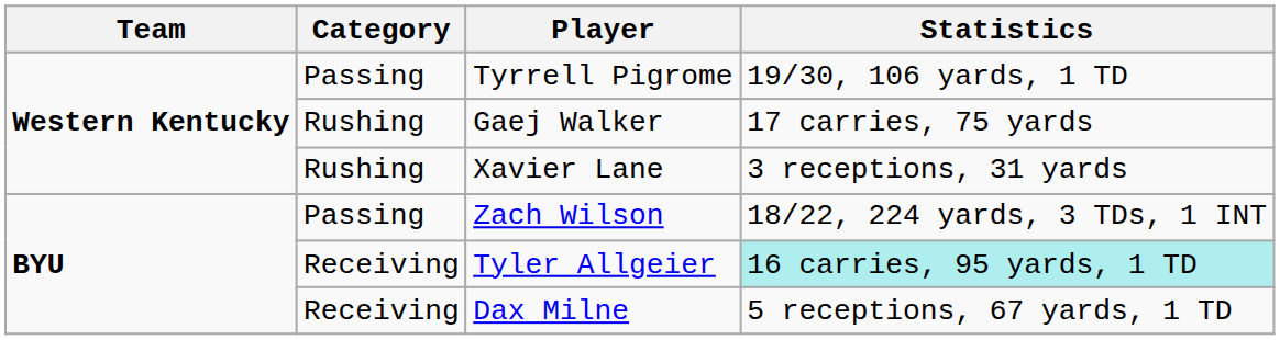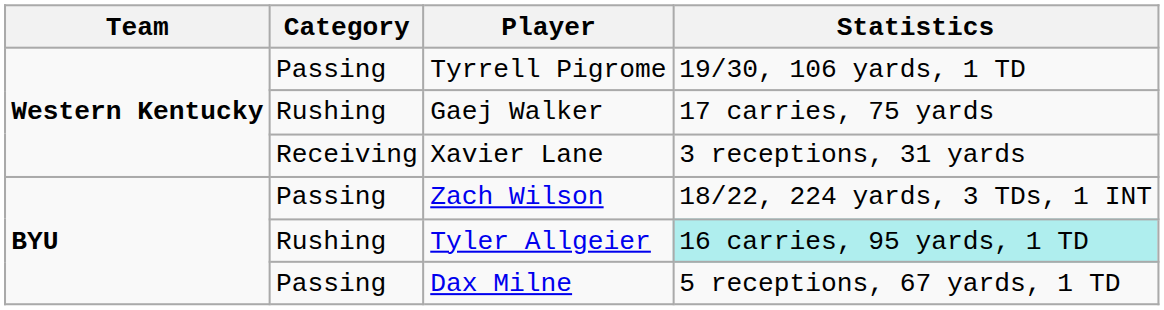 <table class="wikitable" style="float: left;">
 <tr>
 <th>Team</th>
 <th>Category</th>
 <th>Player</th>
 <th>Statistics</th>
 </tr>
 <tr>
 <td rowspan=3><strong>Western Kentucky</strong></td>
 <td>Passing</td>
 <td>Tyrrell Pigrome</td>
 <td>19/30, 106 yards, 1 TD</td>
 </tr>
 <tr>
 <td>Rushing</td>
 <td>Gaej Walker</td>
 <td>17 carries, 75 yards</td>
 </tr>
 <tr>
-<td>Rushing</td>
+<td>Receiving</td>
 <td>Xavier Lane</td>
 <td>3 receptions, 31 yards</td>
 </tr>
 <tr>
 <td rowspan=3><strong>BYU</strong></td>
 <td>Passing</td>
 <td><a href='#'>Zach Wilson</a></td>
 <td>18/22, 224 yards, 3 TDs, 1 INT</td>
 </tr>
 <tr>
-<td>Receiving</td>
+<td>Rushing</td>
 <td><a href='#'>Tyler Allgeier</a></td>
 <td style="background: paleturquoise;">16 carries, 95 yards, 1 TD</td>
 </tr>
 <tr>
-<td>Receiving</td>
+<td>Passing</td>
 <td><a href='#'>Dax Milne</a></td>
 <td>5 receptions, 67 yards, 1 TD</td>
 </tr>
 </table>
